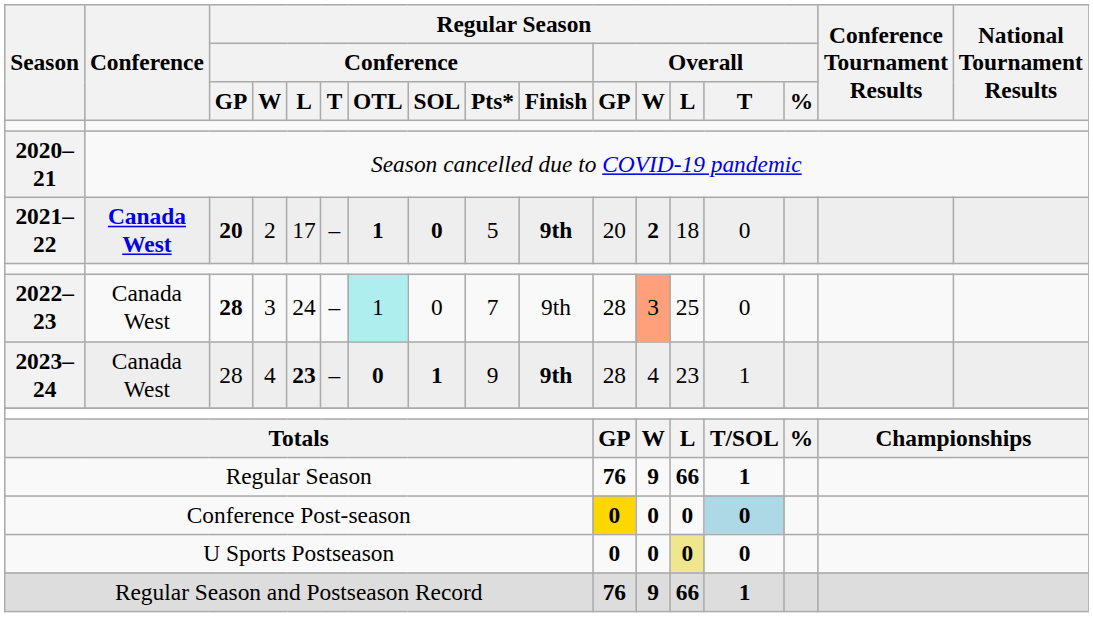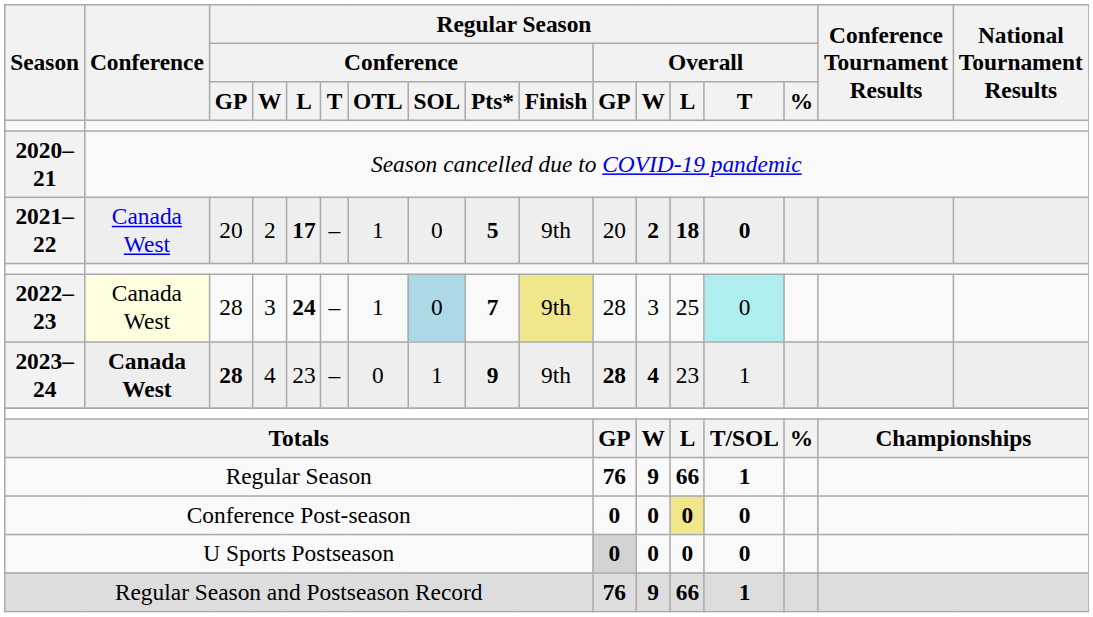 <table class="wikitable" style="text-align: center; font-size: 95%">
 <tr>
 <th rowspan="3">Season</th>
 <th rowspan="3">Conference</th>
 <th colspan="13">Regular Season</th>
 <th rowspan="3">Conference Tournament Results</th>
 <th rowspan="3">National Tournament Results</th>
 </tr>
 <tr>
 <th colspan="8">Conference</th>
 <th colspan="5">Overall</th>
 </tr>
 <tr>
 <th>GP</th>
 <th>W</th>
 <th>L</th>
 <th>T</th>
 <th>OTL</th>
 <th>SOL</th>
 <th>Pts*</th>
 <th>Finish</th>
 <th>GP</th>
 <th>W</th>
 <th>L</th>
 <th>T</th>
 <th>%</th>
 </tr>
 <tr>
 <td><strong> </strong></td>
 </tr>
 <tr>
 <th>2020–21</th>
 <td colspan=17><em>Season cancelled due to <a href='#'>COVID-19 pandemic</a></em></td>
 </tr>
 <tr bgcolor=eeeeee>
 <th>2021–22</th>
-<td><strong><a href='#'>Canada West</a></strong></td>
-<td><strong>20</strong></td>
+<td><a href='#'>Canada West</a></td>
+<td>20</td>
 <td>2</td>
-<td>17</td>
+<td><strong>17</strong></td>
 <td>–</td>
-<td><strong>1</strong></td>
-<td><strong>0</strong></td>
-<td>5</td>
-<td><strong>9th</strong></td>
+<td>1</td>
+<td>0</td>
+<td><strong>5</strong></td>
+<td>9th</td>
 <td>20</td>
 <td><strong>2</strong></td>
-<td>18</td>
-<td>0</td>
+<td><strong>18</strong></td>
+<td><strong>0</strong></td>
 <td></td>
 <td align="left"></td>
 <td align="left"></td>
 </tr>
 <tr>
 <td><strong><a href='#'></a> </strong></td>
 </tr>
 <tr>
 <th>2022–23</th>
-<td>Canada West</td>
-<td><strong>28</strong></td>
+<td style="background: lightyellow;">Canada West</td>
+<td>28</td>
 <td>3</td>
-<td>24</td>
+<td><strong>24</strong></td>
 <td>–</td>
-<td style="background: paleturquoise;">1</td>
-<td>0</td>
-<td>7</td>
-<td>9th</td>
+<td>1</td>
+<td style="background: lightblue;">0</td>
+<td><strong>7</strong></td>
+<td style="background: khaki;">9th</td>
 <td>28</td>
-<td style="background: lightsalmon;">3</td>
+<td>3</td>
 <td>25</td>
-<td>0</td>
+<td style="background: paleturquoise;">0</td>
 <td></td>
 <td align="left"></td>
 <td align="left"></td>
 </tr>
 <tr bgcolor=eeeeee>
 <th>2023–24</th>
-<td>Canada West</td>
-<td>28</td>
+<td><strong>Canada West</strong></td>
+<td><strong>28</strong></td>
 <td>4</td>
-<td><strong>23</strong></td>
+<td>23</td>
 <td>–</td>
-<td><strong>0</strong></td>
-<td><strong>1</strong></td>
-<td>9</td>
-<td><strong>9th</strong></td>
-<td>28</td>
-<td>4</td>
+<td>0</td>
+<td>1</td>
+<td><strong>9</strong></td>
+<td>9th</td>
+<td><strong>28</strong></td>
+<td><strong>4</strong></td>
 <td>23</td>
 <td>1</td>
 <td></td>
 <td align="left"></td>
 <td align="left"></td>
 </tr>
 <tr>
 </tr>
 <tr ->
 </tr>
 <tr>
 <td colspan="17" style="background:#fff;"></td>
 </tr>
 <tr>
 <th colspan="10">Totals</th>
 <th>GP</th>
 <th>W</th>
 <th>L</th>
 <th>T/SOL</th>
 <th>%</th>
 <th colspan="2">Championships</th>
 </tr>
 <tr>
 <td colspan="10">Regular Season</td>
 <td><strong>76</strong></td>
 <td><strong>9</strong></td>
 <td><strong>66</strong></td>
 <td><strong>1</strong></td>
 <td><strong></strong></td>
 <td colspan="2" align="left"></td>
 </tr>
 <tr>
 <td colspan="10">Conference Post-season</td>
-<td style="background: gold;"><strong>0</strong></td>
 <td><strong>0</strong></td>
 <td><strong>0</strong></td>
-<td style="background: lightblue;"><strong>0</strong></td>
+<td style="background: khaki;"><strong>0</strong></td>
+<td><strong>0</strong></td>
 <td><strong></strong></td>
 <td colspan="2" align="left"></td>
 </tr>
 <tr>
 <td colspan="10">U Sports Postseason</td>
+<td style="background: lightgrey;"><strong>0</strong></td>
 <td><strong>0</strong></td>
 <td><strong>0</strong></td>
-<td style="background: khaki;"><strong>0</strong></td>
 <td><strong>0</strong></td>
 <td><strong></strong></td>
 <td colspan="2" align="left"></td>
 </tr>
 <tr bgcolor=dddddd>
 <td colspan="10">Regular Season and Postseason Record</td>
 <td><strong>76</strong></td>
 <td><strong>9</strong></td>
 <td><strong>66</strong></td>
 <td><strong>1</strong></td>
 <td><strong></strong></td>
 <td colspan="2" align="left"></td>
 </tr>
 </table>
